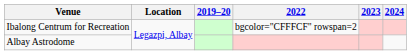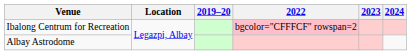 <table class="wikitable sortable" style="text-align:center">
 <tr>
 <th>Venue</th>
 <th>Location</th>
 <th><a href='#'>2019–20</a></th>
 <th><a href='#'>2022</a></th>
 <th><a href='#'>2023</a></th>
 <th><a href='#'>2024</a></th>
 </tr>
 <tr>
 <td align=left>Ibalong Centrum for Recreation</td>
 <td align=left rowspan=2><a href='#'>Legazpi, Albay</a></td>
 <td bgcolor="CFFFCF"></td>
-<td>bgcolor="CFFFCF" rowspan=2 </td>
+<td style="background: pink;">bgcolor="CFFFCF" rowspan=2 </td>
 <td bgcolor="FFCFCF"></td>
 <td bgcolor="FFCFCF"></td>
 </tr>
 <tr>
 <td align=left>Albay Astrodome</td>
 <td bgcolor="CFFFCF"></td>
 <td bgcolor="FFCFCF"></td>
 <td bgcolor="FFCFCF"></td>
 </tr>
 </table>
